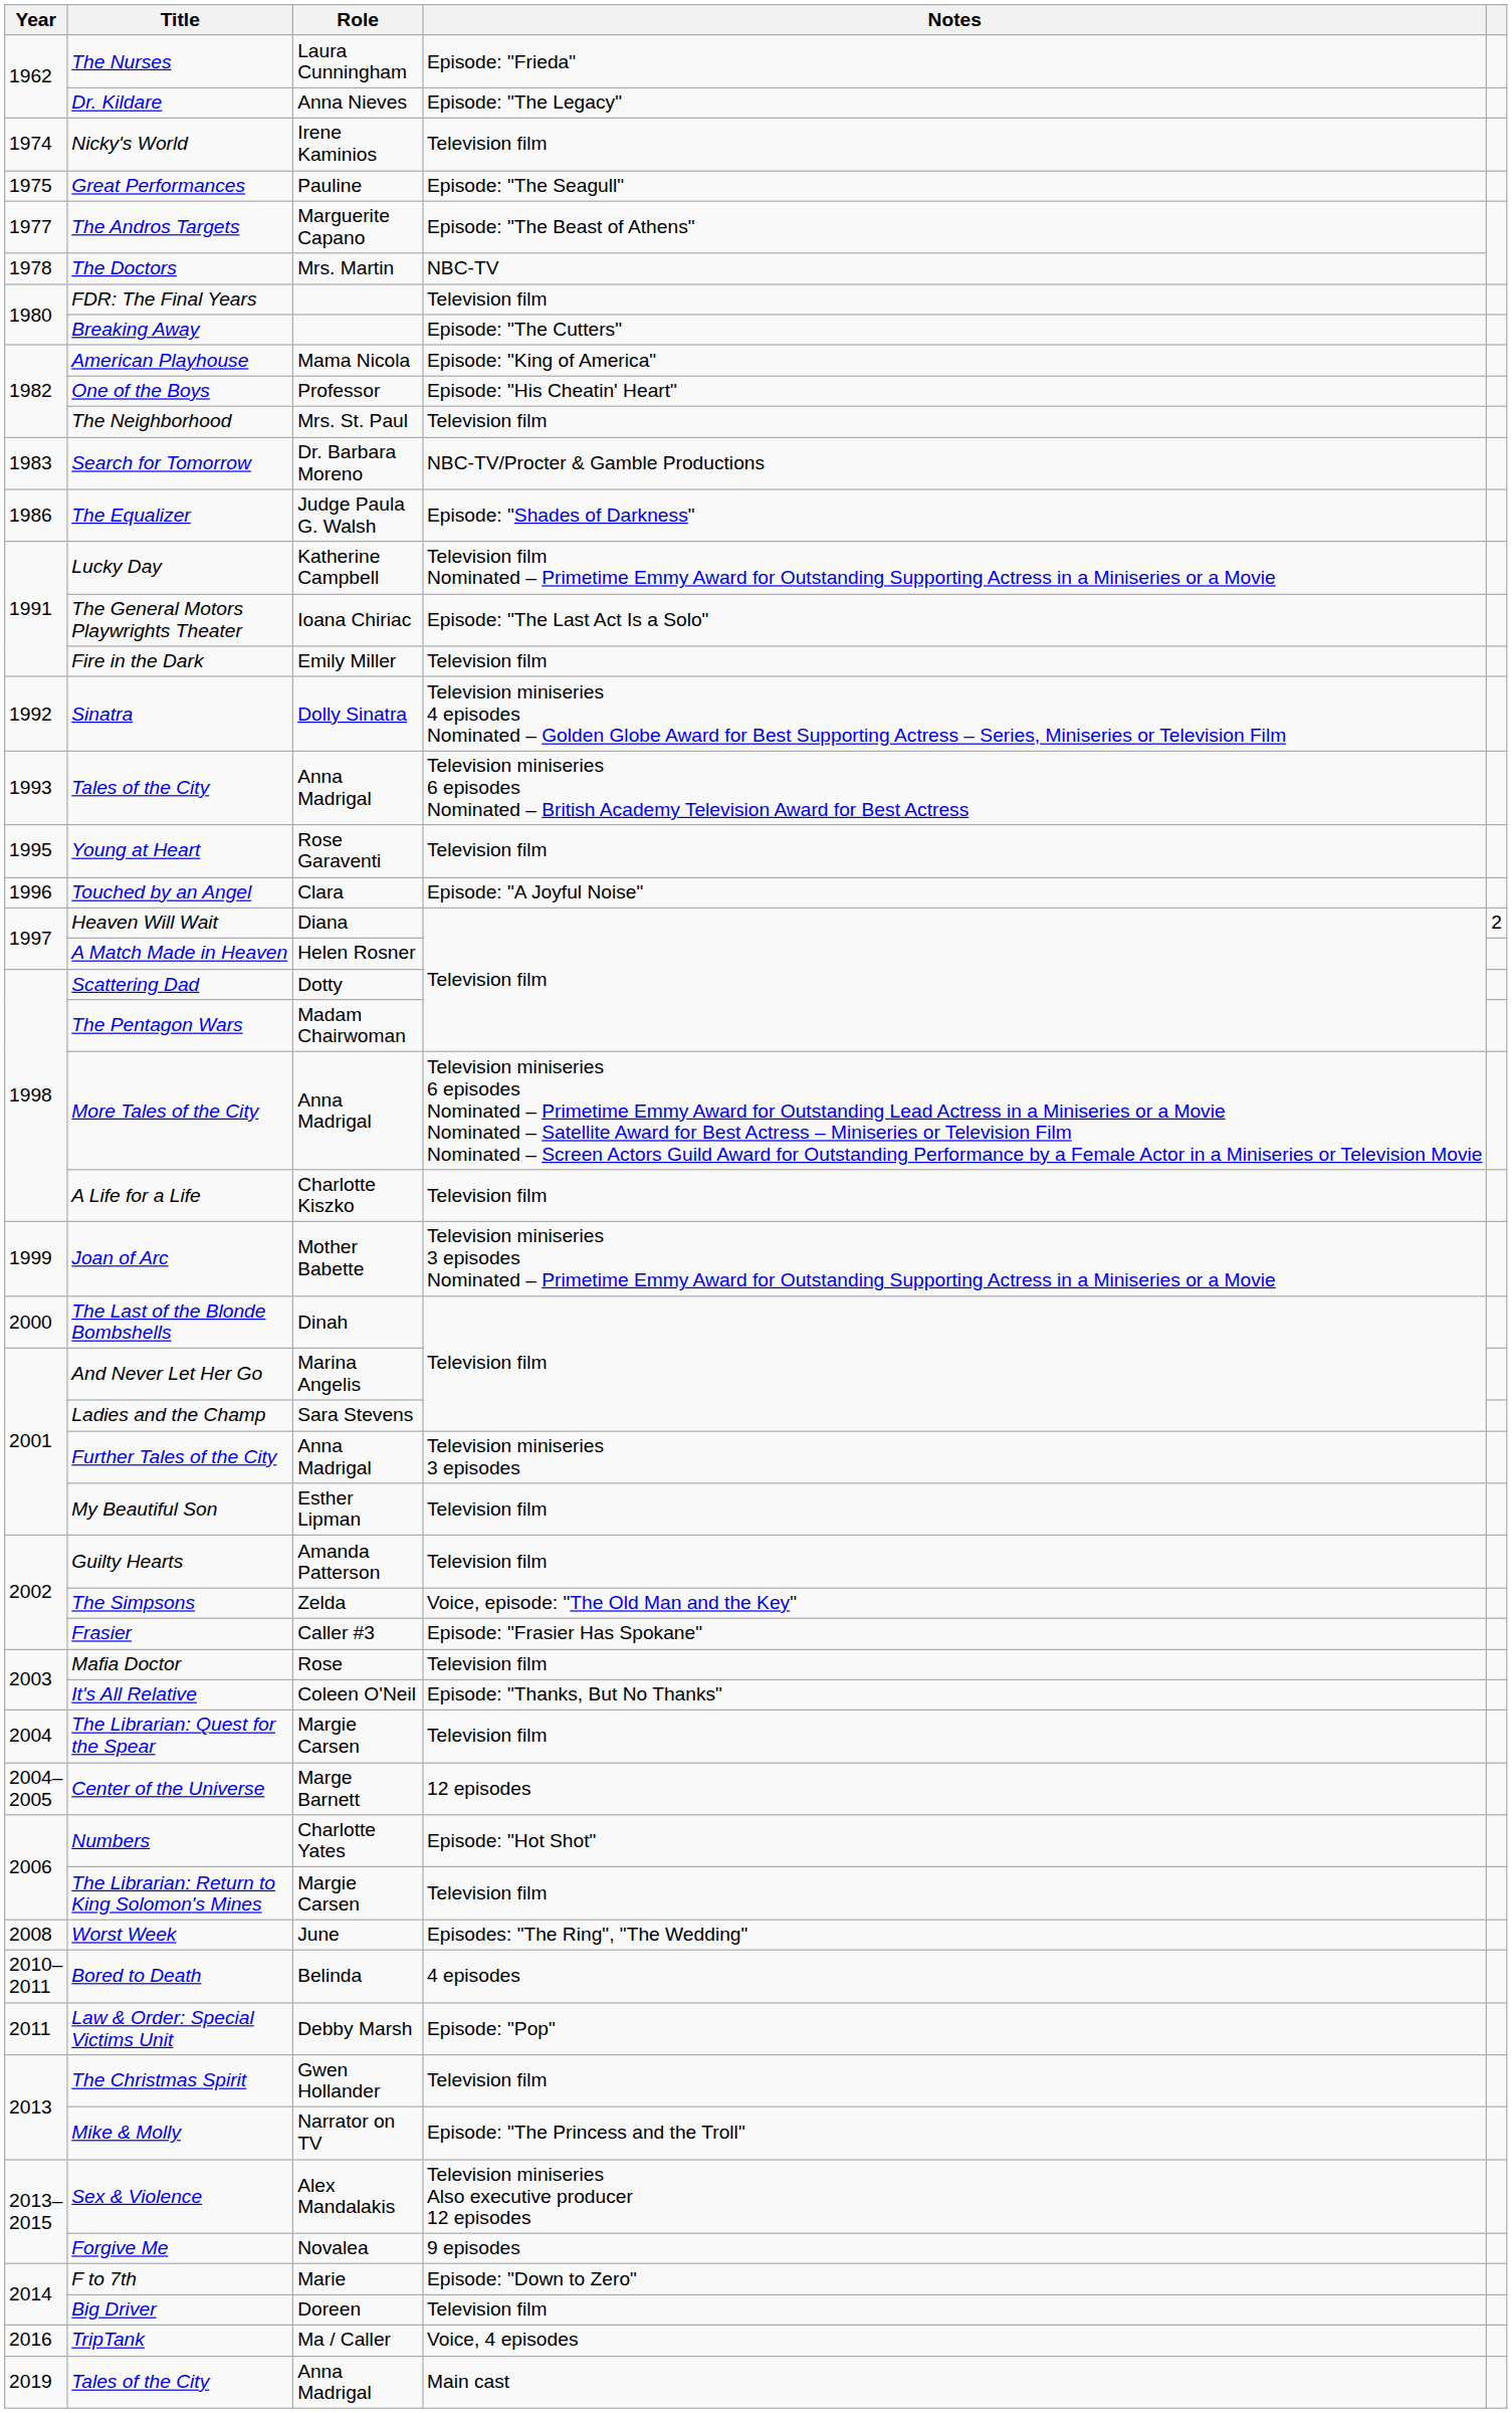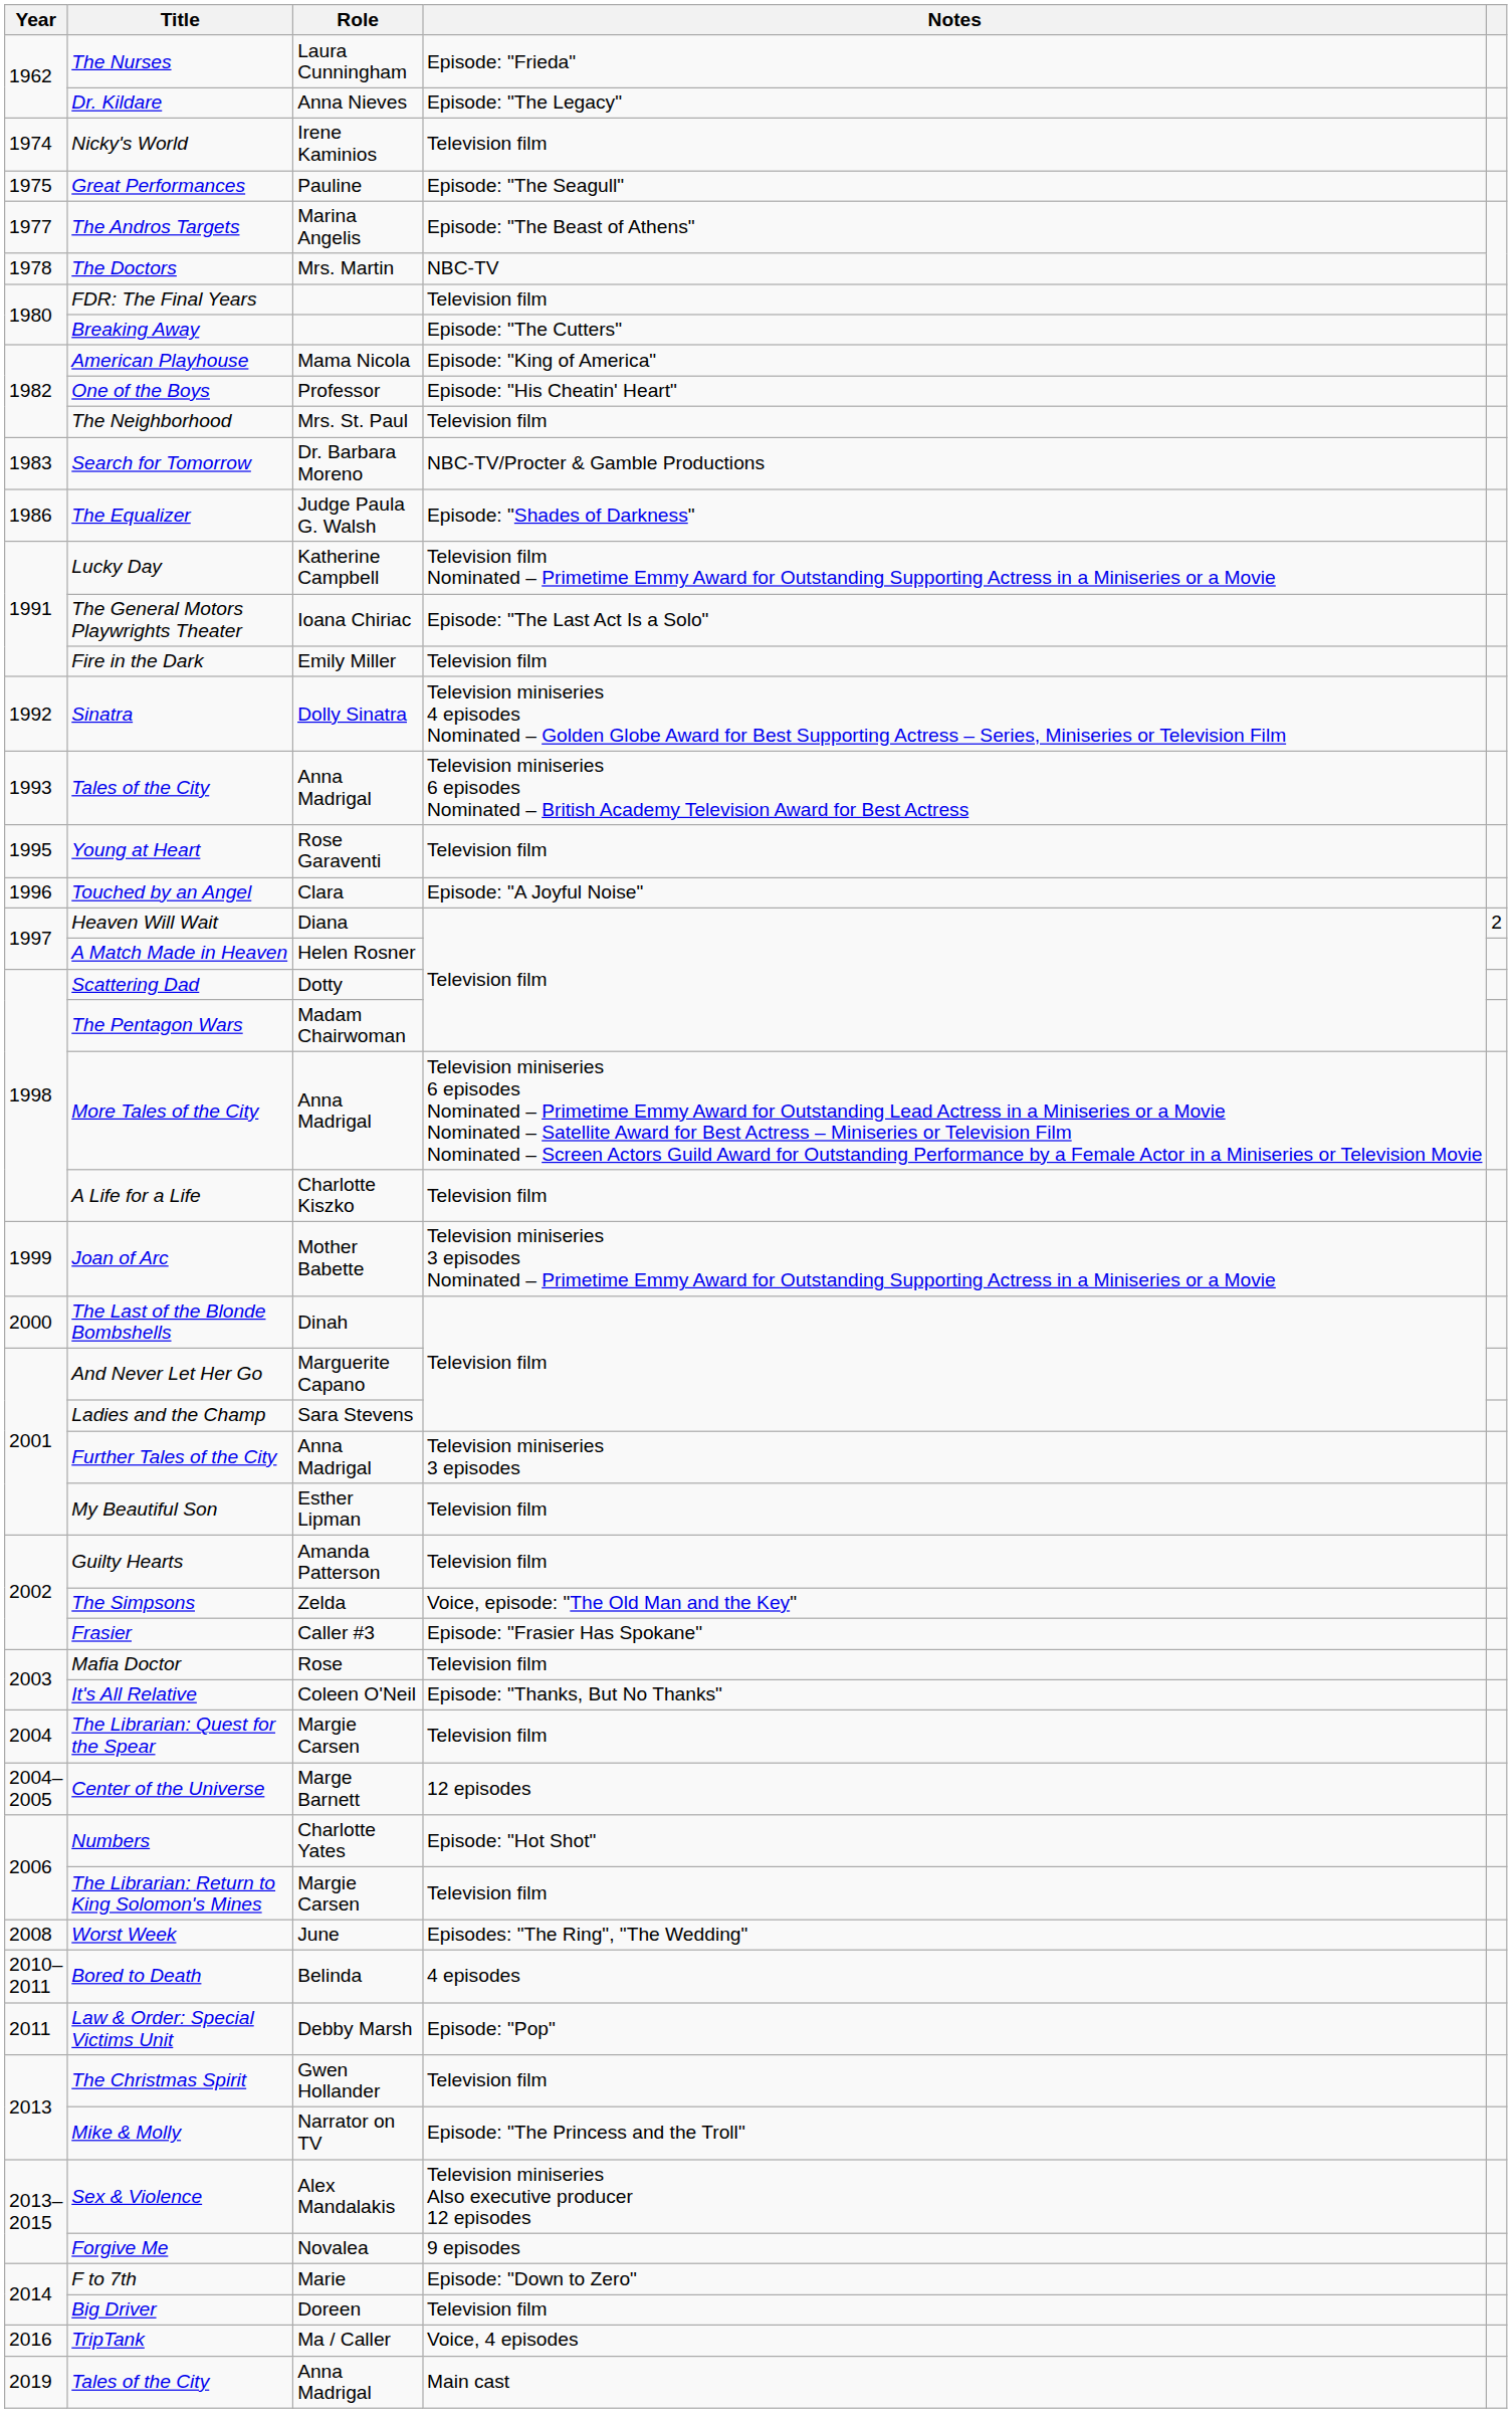 <table class="wikitable sortable">
 <tr>
 <th width="40px">Year</th>
 <th width="180px">Title</th>
 <th width="100px">Role</th>
 <th class="unsortable">Notes</th>
 <th scope="col" class="unsortable"></th>
 </tr>
 <tr>
 <td rowspan=2>1962</td>
 <td><em><a href='#'>The Nurses</a></em></td>
 <td>Laura Cunningham</td>
 <td>Episode: "Frieda"</td>
 <td></td>
 </tr>
 <tr>
 <td><em><a href='#'>Dr. Kildare</a></em></td>
 <td>Anna Nieves</td>
 <td>Episode: "The Legacy"</td>
 <td></td>
 </tr>
 <tr>
 <td>1974</td>
 <td><em>Nicky's World</em></td>
 <td>Irene Kaminios</td>
 <td>Television film</td>
 <td></td>
 </tr>
 <tr>
 <td>1975</td>
 <td><em><a href='#'>Great Performances</a></em></td>
 <td>Pauline</td>
 <td>Episode: "The Seagull"</td>
 <td></td>
 </tr>
 <tr>
 <td>1977</td>
 <td><em><a href='#'>The Andros Targets</a></em></td>
-<td>Marguerite Capano</td>
+<td>Marina Angelis</td>
 <td>Episode: "The Beast of Athens"</td>
 </tr>
 <tr>
 <td>1978</td>
 <td><em><a href='#'>The Doctors</a></em></td>
 <td>Mrs. Martin</td>
 <td>NBC-TV</td>
 </tr>
 <tr>
 <td rowspan=2>1980</td>
 <td><em>FDR: The Final Years</em></td>
 <td></td>
 <td>Television film</td>
 <td></td>
 </tr>
 <tr>
 <td><em><a href='#'>Breaking Away</a></em></td>
 <td></td>
 <td>Episode: "The Cutters"</td>
 <td></td>
 </tr>
 <tr>
 <td rowspan=3>1982</td>
 <td><em><a href='#'>American Playhouse</a></em></td>
 <td>Mama Nicola</td>
 <td>Episode: "King of America"</td>
 <td></td>
 </tr>
 <tr>
 <td><em><a href='#'>One of the Boys</a></em></td>
 <td>Professor</td>
 <td>Episode: "His Cheatin' Heart"</td>
 <td></td>
 </tr>
 <tr>
 <td><em>The Neighborhood</em></td>
 <td>Mrs. St. Paul</td>
 <td>Television film</td>
 <td></td>
 </tr>
 <tr>
 <td>1983</td>
 <td><em><a href='#'>Search for Tomorrow</a></em></td>
 <td>Dr. Barbara Moreno</td>
 <td>NBC-TV/Procter & Gamble Productions</td>
 <td></td>
 </tr>
 <tr>
 <td>1986</td>
 <td><em><a href='#'>The Equalizer</a></em></td>
 <td>Judge Paula G. Walsh</td>
 <td>Episode: "<a href='#'>Shades of Darkness</a>"</td>
 <td></td>
 </tr>
 <tr>
 <td rowspan=3>1991</td>
 <td><em>Lucky Day</em></td>
 <td>Katherine Campbell</td>
 <td>Television film<br>Nominated – <a href='#'>Primetime Emmy Award for Outstanding Supporting Actress in a Miniseries or a Movie</a></td>
 <td></td>
 </tr>
 <tr>
 <td><em>The General Motors Playwrights Theater</em></td>
 <td>Ioana Chiriac</td>
 <td>Episode: "The Last Act Is a Solo"</td>
 <td></td>
 </tr>
 <tr>
 <td><em>Fire in the Dark</em></td>
 <td>Emily Miller</td>
 <td>Television film</td>
 <td></td>
 </tr>
 <tr>
 <td>1992</td>
 <td><em><a href='#'>Sinatra</a></em></td>
 <td><a href='#'>Dolly Sinatra</a></td>
 <td>Television miniseries<br>4 episodes<br>Nominated – <a href='#'>Golden Globe Award for Best Supporting Actress – Series, Miniseries or Television Film</a></td>
 <td></td>
 </tr>
 <tr>
 <td>1993</td>
 <td><em><a href='#'>Tales of the City</a></em></td>
 <td>Anna Madrigal</td>
 <td>Television miniseries<br>6 episodes<br>Nominated – <a href='#'>British Academy Television Award for Best Actress</a></td>
 <td></td>
 </tr>
 <tr>
 <td>1995</td>
 <td><em><a href='#'>Young at Heart</a></em></td>
 <td>Rose Garaventi</td>
 <td>Television film</td>
 <td></td>
 </tr>
 <tr>
 <td>1996</td>
 <td><em><a href='#'>Touched by an Angel</a></em></td>
 <td>Clara</td>
 <td>Episode: "A Joyful Noise"</td>
 <td></td>
 </tr>
 <tr>
 <td rowspan=2>1997</td>
 <td><em>Heaven Will Wait</em></td>
 <td>Diana</td>
 <td rowspan=4>Television film</td>
 <td>2</td>
 </tr>
 <tr>
 <td><em><a href='#'>A Match Made in Heaven</a></em></td>
 <td>Helen Rosner</td>
 <td></td>
 </tr>
 <tr>
 <td rowspan=4>1998</td>
 <td><em><a href='#'>Scattering Dad</a></em></td>
 <td>Dotty</td>
 <td></td>
 </tr>
 <tr>
 <td><em><a href='#'>The Pentagon Wars</a></em></td>
 <td>Madam Chairwoman</td>
 <td></td>
 </tr>
 <tr>
 <td><em><a href='#'>More Tales of the City</a></em></td>
 <td>Anna Madrigal</td>
 <td>Television miniseries<br>6 episodes<br>Nominated – <a href='#'>Primetime Emmy Award for Outstanding Lead Actress in a Miniseries or a Movie</a><br>Nominated – <a href='#'>Satellite Award for Best Actress – Miniseries or Television Film</a><br>Nominated – <a href='#'>Screen Actors Guild Award for Outstanding Performance by a Female Actor in a Miniseries or Television Movie</a></td>
 <td></td>
 </tr>
 <tr>
 <td><em>A Life for a Life</em></td>
 <td>Charlotte Kiszko</td>
 <td>Television film</td>
 <td></td>
 </tr>
 <tr>
 <td>1999</td>
 <td><em><a href='#'>Joan of Arc</a></em></td>
 <td>Mother Babette</td>
 <td>Television miniseries<br>3 episodes<br>Nominated – <a href='#'>Primetime Emmy Award for Outstanding Supporting Actress in a Miniseries or a Movie</a></td>
 <td></td>
 </tr>
 <tr>
 <td>2000</td>
 <td><em><a href='#'>The Last of the Blonde Bombshells</a></em></td>
 <td>Dinah</td>
 <td rowspan=3>Television film</td>
 <td></td>
 </tr>
 <tr>
 <td rowspan=4>2001</td>
 <td><em>And Never Let Her Go</em></td>
-<td>Marina Angelis</td>
+<td>Marguerite Capano</td>
 <td></td>
 </tr>
 <tr>
 <td><em>Ladies and the Champ</em></td>
 <td>Sara Stevens</td>
 <td></td>
 </tr>
 <tr>
 <td><em><a href='#'>Further Tales of the City</a></em></td>
 <td>Anna Madrigal</td>
 <td>Television miniseries<br>3 episodes</td>
 <td></td>
 </tr>
 <tr>
 <td><em>My Beautiful Son</em></td>
 <td>Esther Lipman</td>
 <td>Television film</td>
 <td></td>
 </tr>
 <tr>
 <td rowspan=3>2002</td>
 <td><em>Guilty Hearts</em></td>
 <td>Amanda Patterson</td>
 <td>Television film</td>
 <td></td>
 </tr>
 <tr>
 <td><em><a href='#'>The Simpsons</a></em></td>
 <td>Zelda</td>
 <td>Voice, episode: "<a href='#'>The Old Man and the Key</a>"</td>
 <td></td>
 </tr>
 <tr>
 <td><em><a href='#'>Frasier</a></em></td>
 <td>Caller #3</td>
 <td>Episode: "Frasier Has Spokane"</td>
 <td></td>
 </tr>
 <tr>
 <td rowspan=2>2003</td>
 <td><em>Mafia Doctor</em></td>
 <td>Rose</td>
 <td>Television film</td>
 <td></td>
 </tr>
 <tr>
 <td><em><a href='#'>It's All Relative</a></em></td>
 <td>Coleen O'Neil</td>
 <td>Episode: "Thanks, But No Thanks"</td>
 <td></td>
 </tr>
 <tr>
 <td>2004</td>
 <td><em><a href='#'>The Librarian: Quest for the Spear</a></em></td>
 <td>Margie Carsen</td>
 <td>Television film</td>
 <td></td>
 </tr>
 <tr>
 <td>2004–2005</td>
 <td><em><a href='#'>Center of the Universe</a></em></td>
 <td>Marge Barnett</td>
 <td>12 episodes</td>
 <td></td>
 </tr>
 <tr>
 <td rowspan=2>2006</td>
 <td><em><a href='#'>Numbers</a></em></td>
 <td>Charlotte Yates</td>
 <td>Episode: "Hot Shot"</td>
 <td></td>
 </tr>
 <tr>
 <td><em><a href='#'>The Librarian: Return to King Solomon's Mines</a></em></td>
 <td>Margie Carsen</td>
 <td>Television film</td>
 <td></td>
 </tr>
 <tr>
 <td>2008</td>
 <td><em><a href='#'>Worst Week</a></em></td>
 <td>June</td>
 <td>Episodes: "The Ring", "The Wedding"</td>
 <td></td>
 </tr>
 <tr>
 <td>2010–2011</td>
 <td><em><a href='#'>Bored to Death</a></em></td>
 <td>Belinda</td>
 <td>4 episodes</td>
 <td></td>
 </tr>
 <tr>
 <td>2011</td>
 <td><em><a href='#'>Law & Order: Special Victims Unit</a></em></td>
 <td>Debby Marsh</td>
 <td>Episode: "Pop"</td>
 <td></td>
 </tr>
 <tr>
 <td rowspan=2>2013</td>
 <td><em><a href='#'>The Christmas Spirit</a></em></td>
 <td>Gwen Hollander</td>
 <td>Television film</td>
 <td></td>
 </tr>
 <tr>
 <td><em><a href='#'>Mike & Molly</a></em></td>
 <td>Narrator on TV</td>
 <td>Episode: "The Princess and the Troll"</td>
 <td></td>
 </tr>
 <tr>
 <td rowspan=2>2013–2015</td>
 <td><em><a href='#'>Sex & Violence</a></em></td>
 <td>Alex Mandalakis</td>
 <td>Television miniseries<br>Also executive producer<br>12 episodes</td>
 <td></td>
 </tr>
 <tr>
 <td><em><a href='#'>Forgive Me</a></em></td>
 <td>Novalea</td>
 <td>9 episodes</td>
 <td></td>
 </tr>
 <tr>
 <td rowspan=2>2014</td>
 <td><em>F to 7th</em></td>
 <td>Marie</td>
 <td>Episode: "Down to Zero"</td>
 <td></td>
 </tr>
 <tr>
 <td><em><a href='#'>Big Driver</a></em></td>
 <td>Doreen</td>
 <td>Television film</td>
 <td></td>
 </tr>
 <tr>
 <td>2016</td>
 <td><em><a href='#'>TripTank</a></em></td>
 <td>Ma / Caller</td>
 <td>Voice, 4 episodes</td>
 <td></td>
 </tr>
 <tr>
 <td>2019</td>
 <td><em><a href='#'>Tales of the City</a></em></td>
 <td>Anna Madrigal</td>
 <td>Main cast</td>
 <td></td>
 </tr>
 </table>
